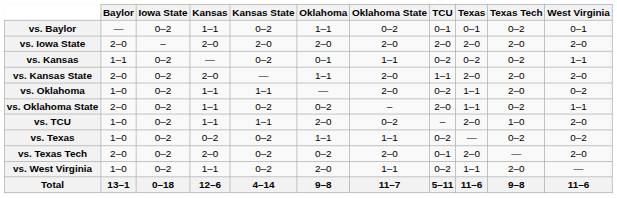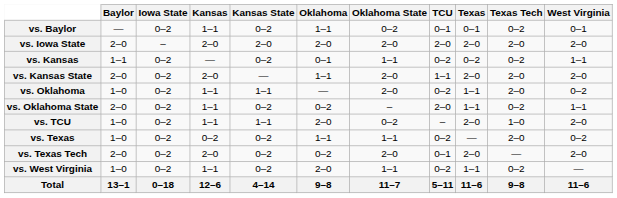 <table class="wikitable" style="white-space:nowrap;font-size:90%;">
 <tr>
 <th colspan=1 style="background:white; border-top-style:hidden; border-left-style:hidden;"   width=75> </th>
 <th>Baylor</th>
 <th>Iowa State</th>
 <th>Kansas</th>
 <th>Kansas State</th>
 <th>Oklahoma</th>
 <th>Oklahoma State</th>
 <th>TCU</th>
 <th>Texas</th>
 <th>Texas Tech</th>
 <th>West Virginia</th>
 </tr>
 <tr style="text-align:center;">
 <th>vs. Baylor</th>
 <td>—</td>
 <td>0–2</td>
 <td>1–1</td>
 <td>0–2</td>
 <td>1–1</td>
 <td>0–2</td>
 <td>0–1</td>
 <td>0–1</td>
 <td>0–2</td>
 <td>0–1</td>
 </tr>
 <tr style="text-align:center;">
 <th>vs. Iowa State</th>
 <td>2–0</td>
 <td>–</td>
 <td>2–0</td>
 <td>2–0</td>
 <td>2–0</td>
 <td>2–0</td>
 <td>2–0</td>
 <td>2–0</td>
 <td>2–0</td>
 <td>2–0</td>
 </tr>
 <tr style="text-align:center;">
 <th>vs. Kansas</th>
 <td>1–1</td>
 <td>0–2</td>
 <td>—</td>
 <td>0–2</td>
 <td>0–1</td>
 <td>1–1</td>
 <td>0–2</td>
 <td>0–2</td>
 <td>0–2</td>
 <td>1–1</td>
 </tr>
 <tr style="text-align:center;">
 <th>vs. Kansas State</th>
 <td>2–0</td>
 <td>0–2</td>
 <td>2–0</td>
 <td>—</td>
 <td>1–1</td>
 <td>2–0</td>
 <td>1–1</td>
 <td>2–0</td>
 <td>2–0</td>
 <td>2–0</td>
 </tr>
 <tr style="text-align:center;">
 <th>vs. Oklahoma</th>
 <td>1–0</td>
 <td>0–2</td>
 <td>1–1</td>
 <td>1–1</td>
 <td>—</td>
 <td>2–0</td>
 <td>0–2</td>
 <td>1–1</td>
 <td>2–0</td>
 <td>0–2</td>
 </tr>
 <tr style="text-align:center;">
 <th>vs. Oklahoma State</th>
 <td>2–0</td>
 <td>0–2</td>
 <td>1–1</td>
 <td>0–2</td>
 <td>0–2</td>
 <td>–</td>
 <td>2–0</td>
 <td>1–1</td>
 <td>0–2</td>
 <td>1–1</td>
 </tr>
 <tr style="text-align:center;">
 <th>vs. TCU</th>
 <td>1–0</td>
 <td>0–2</td>
 <td>1–1</td>
 <td>1–1</td>
 <td>2–0</td>
 <td>0–2</td>
 <td>–</td>
 <td>2–0</td>
 <td>1–0</td>
 <td>2–0</td>
 </tr>
 <tr style="text-align:center;">
 <th>vs. Texas</th>
 <td>1–0</td>
 <td>0–2</td>
 <td>0–2</td>
 <td>0–2</td>
 <td>1–1</td>
 <td>1–1</td>
 <td>0–2</td>
 <td>—</td>
-<td>0–2</td>
+<td>2–0</td>
 <td>0–2</td>
 </tr>
 <tr style="text-align:center;">
 <th>vs. Texas Tech</th>
 <td>2–0</td>
 <td>0–2</td>
 <td>2–0</td>
 <td>0–2</td>
 <td>0–2</td>
 <td>2–0</td>
 <td>0–1</td>
 <td>2–0</td>
 <td>—</td>
 <td>2–0</td>
 </tr>
 <tr style="text-align:center;">
 <th>vs. West Virginia</th>
 <td>1–0</td>
 <td>0–2</td>
 <td>1–1</td>
 <td>0–2</td>
 <td>2–0</td>
 <td>1–1</td>
 <td>0–2</td>
 <td>1–1</td>
-<td>2–0</td>
+<td>0–2</td>
 <td>—<br></td>
 </tr>
 <tr style="text-align:center;">
 <th>Total</th>
 <th>13–1</th>
 <th>0–18</th>
 <th>12–6</th>
 <th>4–14</th>
 <th>9–8</th>
 <th>11–7</th>
 <th>5–11</th>
 <th>11–6</th>
 <th>9–8</th>
 <th>11–6</th>
 </tr>
 </table>
